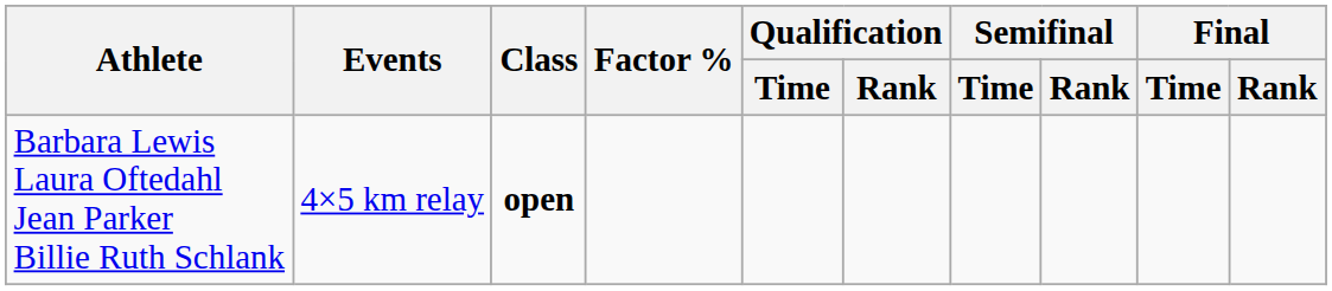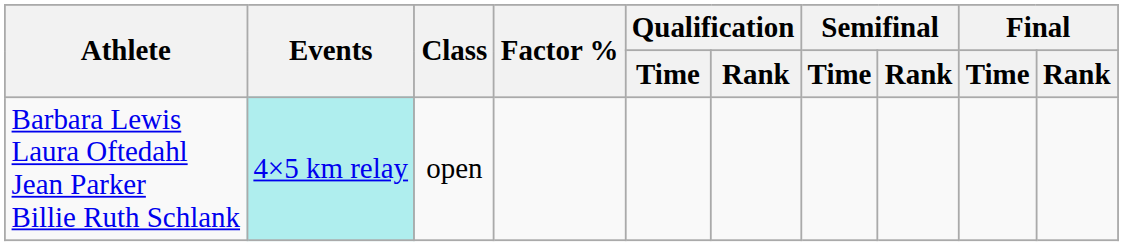 <table class="wikitable">
 <tr>
 <th rowspan="2">Athlete</th>
 <th rowspan="2">Events</th>
 <th rowspan="2">Class</th>
 <th rowspan="2">Factor %</th>
 <th colspan="2">Qualification</th>
 <th colspan="2">Semifinal</th>
 <th colspan="2">Final</th>
 </tr>
 <tr>
 <th>Time</th>
 <th>Rank</th>
 <th>Time</th>
 <th>Rank</th>
 <th>Time</th>
 <th>Rank</th>
 </tr>
 <tr>
 <td><a href='#'>Barbara Lewis</a> <br> <a href='#'>Laura Oftedahl</a> <br> <a href='#'>Jean Parker</a> <br> <a href='#'>Billie Ruth Schlank</a></td>
-<td><a href='#'>4×5 km relay</a></td>
-<td style="text-align:center;"><strong>open</strong></td>
+<td style="background: paleturquoise;"><a href='#'>4×5 km relay</a></td>
+<td style="text-align:center;">open</td>
 <td style="text-align:center;" rowspan="3"></td>
 <td style="text-align:center;"></td>
 <td style="text-align:center;"></td>
 <td style="text-align:center;"></td>
 <td style="text-align:center;"></td>
 <td style="text-align:center;"></td>
 <td style="text-align:center;"></td>
 </tr>
 </table>
